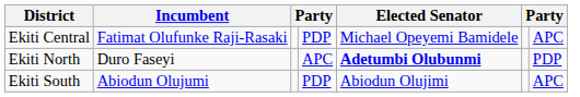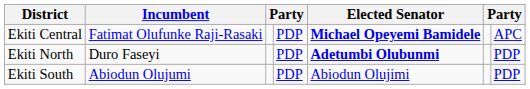 <table class="sortable wikitable" style="font-size:95%;line-height:14px;">
 <tr>
 <th class="unsortable">District</th>
 <th class="unsortable"><a href='#'>Incumbent</a></th>
 <th colspan="2">Party</th>
 <th class="unsortable">Elected Senator</th>
 <th colspan="2">Party</th>
 </tr>
 <tr>
 <td>Ekiti Central</td>
 <td><a href='#'>Fatimat Olufunke Raji-Rasaki</a></td>
 <td style="background:"></td>
 <td><a href='#'>PDP</a></td>
-<td><a href='#'>Michael Opeyemi Bamidele</a></td>
+<td><strong><a href='#'>Michael Opeyemi Bamidele</a></strong></td>
 <td style="background:"></td>
 <td><a href='#'>APC</a></td>
 </tr>
 <tr>
 <td>Ekiti North</td>
 <td>Duro Faseyi</td>
 <td style="background:"></td>
-<td><a href='#'>APC</a></td>
+<td><a href='#'>PDP</a></td>
 <td><strong><a href='#'>Adetumbi Olubunmi</a></strong></td>
 <td style="background:"></td>
 <td><a href='#'>PDP</a></td>
 </tr>
 <tr>
 <td>Ekiti South</td>
 <td><a href='#'>Abiodun Olujumi</a></td>
 <td style="background:"></td>
 <td><a href='#'>PDP</a></td>
 <td><a href='#'>Abiodun Olujimi</a></td>
 <td style="background:"></td>
-<td><a href='#'>APC</a></td>
+<td><a href='#'>PDP</a></td>
 </tr>
 </table>
